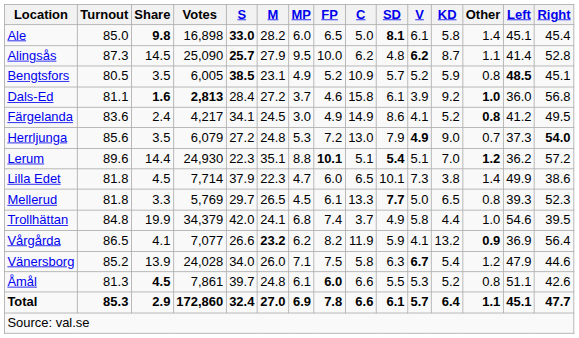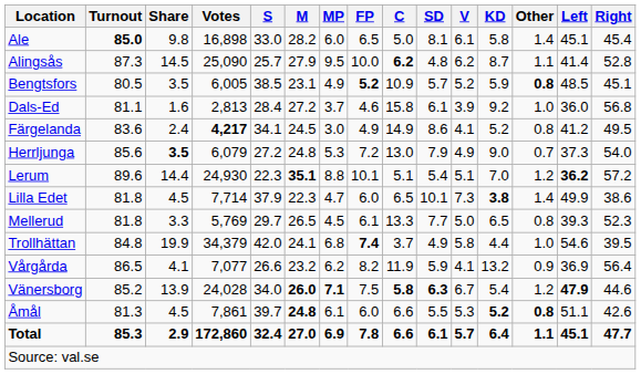 <table class="wikitable sortable" style=text-align:right>
 <tr>
 <th>Location</th>
 <th>Turnout</th>
 <th>Share</th>
 <th>Votes</th>
 <th><a href='#'>S</a></th>
 <th><a href='#'>M</a></th>
 <th><a href='#'>MP</a></th>
 <th><a href='#'>FP</a></th>
 <th><a href='#'>C</a></th>
 <th><a href='#'>SD</a></th>
 <th><a href='#'>V</a></th>
 <th><a href='#'>KD</a></th>
 <th>Other</th>
 <th><a href='#'>Left</a></th>
 <th><a href='#'>Right</a></th>
 </tr>
 <tr>
 <td align=left><a href='#'>Ale</a></td>
-<td>85.0</td>
-<td><strong>9.8</strong></td>
+<td><strong>85.0</strong></td>
+<td>9.8</td>
 <td>16,898</td>
-<td><strong>33.0</strong></td>
+<td>33.0</td>
 <td>28.2</td>
 <td>6.0</td>
 <td>6.5</td>
 <td>5.0</td>
-<td><strong>8.1</strong></td>
+<td>8.1</td>
 <td>6.1</td>
 <td>5.8</td>
 <td>1.4</td>
 <td>45.1</td>
 <td>45.4</td>
 </tr>
 <tr>
 <td align=left><a href='#'>Alingsås</a></td>
 <td>87.3</td>
 <td>14.5</td>
 <td>25,090</td>
-<td><strong>25.7</strong></td>
+<td>25.7</td>
 <td>27.9</td>
 <td>9.5</td>
 <td>10.0</td>
+<td><strong>6.2</strong></td>
+<td>4.8</td>
 <td>6.2</td>
-<td>4.8</td>
-<td><strong>6.2</strong></td>
 <td>8.7</td>
 <td>1.1</td>
 <td>41.4</td>
 <td>52.8</td>
 </tr>
 <tr>
 <td align=left><a href='#'>Bengtsfors</a></td>
 <td>80.5</td>
 <td>3.5</td>
 <td>6,005</td>
-<td><strong>38.5</strong></td>
+<td>38.5</td>
 <td>23.1</td>
 <td>4.9</td>
-<td>5.2</td>
+<td><strong>5.2</strong></td>
 <td>10.9</td>
 <td>5.7</td>
 <td>5.2</td>
 <td>5.9</td>
-<td>0.8</td>
-<td><strong>48.5</strong></td>
+<td><strong>0.8</strong></td>
+<td>48.5</td>
 <td>45.1</td>
 </tr>
 <tr>
 <td align=left><a href='#'>Dals-Ed</a></td>
 <td>81.1</td>
-<td><strong>1.6</strong></td>
-<td><strong>2,813</strong></td>
+<td>1.6</td>
+<td>2,813</td>
 <td>28.4</td>
 <td>27.2</td>
 <td>3.7</td>
 <td>4.6</td>
 <td>15.8</td>
 <td>6.1</td>
 <td>3.9</td>
 <td>9.2</td>
-<td><strong>1.0</strong></td>
+<td>1.0</td>
 <td>36.0</td>
 <td>56.8</td>
 </tr>
 <tr>
 <td align=left><a href='#'>Färgelanda</a></td>
 <td>83.6</td>
 <td>2.4</td>
-<td>4,217</td>
+<td><strong>4,217</strong></td>
 <td>34.1</td>
 <td>24.5</td>
 <td>3.0</td>
 <td>4.9</td>
 <td>14.9</td>
 <td>8.6</td>
 <td>4.1</td>
 <td>5.2</td>
-<td><strong>0.8</strong></td>
+<td>0.8</td>
 <td>41.2</td>
 <td>49.5</td>
 </tr>
 <tr>
 <td align=left><a href='#'>Herrljunga</a></td>
 <td>85.6</td>
-<td>3.5</td>
+<td><strong>3.5</strong></td>
 <td>6,079</td>
 <td>27.2</td>
 <td>24.8</td>
 <td>5.3</td>
 <td>7.2</td>
 <td>13.0</td>
 <td>7.9</td>
-<td><strong>4.9</strong></td>
+<td>4.9</td>
 <td>9.0</td>
 <td>0.7</td>
 <td>37.3</td>
-<td><strong>54.0</strong></td>
+<td>54.0</td>
 </tr>
 <tr>
 <td align=left><a href='#'>Lerum</a></td>
 <td>89.6</td>
 <td>14.4</td>
 <td>24,930</td>
 <td>22.3</td>
-<td>35.1</td>
+<td><strong>35.1</strong></td>
 <td>8.8</td>
-<td><strong>10.1</strong></td>
+<td>10.1</td>
 <td>5.1</td>
-<td><strong>5.4</strong></td>
+<td>5.4</td>
 <td>5.1</td>
 <td>7.0</td>
-<td><strong>1.2</strong></td>
-<td>36.2</td>
+<td>1.2</td>
+<td><strong>36.2</strong></td>
 <td>57.2</td>
 </tr>
 <tr>
 <td align=left><a href='#'>Lilla Edet</a></td>
 <td>81.8</td>
 <td>4.5</td>
 <td>7,714</td>
 <td>37.9</td>
 <td>22.3</td>
 <td>4.7</td>
 <td>6.0</td>
 <td>6.5</td>
 <td>10.1</td>
 <td>7.3</td>
-<td>3.8</td>
+<td><strong>3.8</strong></td>
 <td>1.4</td>
 <td>49.9</td>
 <td>38.6</td>
 </tr>
 <tr>
 <td align=left><a href='#'>Mellerud</a></td>
 <td>81.8</td>
 <td>3.3</td>
 <td>5,769</td>
 <td>29.7</td>
 <td>26.5</td>
 <td>4.5</td>
 <td>6.1</td>
 <td>13.3</td>
-<td><strong>7.7</strong></td>
+<td>7.7</td>
 <td>5.0</td>
 <td>6.5</td>
 <td>0.8</td>
 <td>39.3</td>
 <td>52.3</td>
 </tr>
 <tr>
 <td align=left><a href='#'>Trollhättan</a></td>
 <td>84.8</td>
 <td>19.9</td>
 <td>34,379</td>
 <td>42.0</td>
 <td>24.1</td>
 <td>6.8</td>
-<td>7.4</td>
+<td><strong>7.4</strong></td>
 <td>3.7</td>
 <td>4.9</td>
 <td>5.8</td>
 <td>4.4</td>
 <td>1.0</td>
 <td>54.6</td>
 <td>39.5</td>
 </tr>
 <tr>
 <td align=left><a href='#'>Vårgårda</a></td>
 <td>86.5</td>
 <td>4.1</td>
 <td>7,077</td>
 <td>26.6</td>
-<td><strong>23.2</strong></td>
+<td>23.2</td>
 <td>6.2</td>
 <td>8.2</td>
 <td>11.9</td>
 <td>5.9</td>
 <td>4.1</td>
 <td>13.2</td>
-<td><strong>0.9</strong></td>
+<td>0.9</td>
 <td>36.9</td>
 <td>56.4</td>
 </tr>
 <tr>
 <td align=left><a href='#'>Vänersborg</a></td>
 <td>85.2</td>
 <td>13.9</td>
 <td>24,028</td>
 <td>34.0</td>
-<td>26.0</td>
-<td>7.1</td>
+<td><strong>26.0</strong></td>
+<td><strong>7.1</strong></td>
 <td>7.5</td>
-<td>5.8</td>
-<td>6.3</td>
-<td><strong>6.7</strong></td>
+<td><strong>5.8</strong></td>
+<td><strong>6.3</strong></td>
+<td>6.7</td>
 <td>5.4</td>
 <td>1.2</td>
-<td>47.9</td>
+<td><strong>47.9</strong></td>
 <td>44.6</td>
 </tr>
 <tr>
 <td align=left><a href='#'>Åmål</a></td>
 <td>81.3</td>
-<td><strong>4.5</strong></td>
+<td>4.5</td>
 <td>7,861</td>
 <td>39.7</td>
-<td>24.8</td>
+<td><strong>24.8</strong></td>
 <td>6.1</td>
-<td><strong>6.0</strong></td>
+<td>6.0</td>
 <td>6.6</td>
 <td>5.5</td>
 <td>5.3</td>
-<td>5.2</td>
-<td>0.8</td>
+<td><strong>5.2</strong></td>
+<td><strong>0.8</strong></td>
 <td>51.1</td>
 <td>42.6</td>
 </tr>
 <tr>
 <td align=left><strong>Total</strong></td>
 <td><strong>85.3</strong></td>
 <td><strong>2.9</strong></td>
 <td><strong>172,860</strong></td>
 <td><strong>32.4</strong></td>
 <td><strong>27.0</strong></td>
 <td><strong>6.9</strong></td>
 <td><strong>7.8</strong></td>
 <td><strong>6.6</strong></td>
 <td><strong>6.1</strong></td>
 <td><strong>5.7</strong></td>
 <td><strong>6.4</strong></td>
 <td><strong>1.1</strong></td>
 <td><strong>45.1</strong></td>
 <td><strong>47.7</strong></td>
 </tr>
 <tr>
 <td align=left colspan=15>Source: val.se </td>
 </tr>
 </table>
